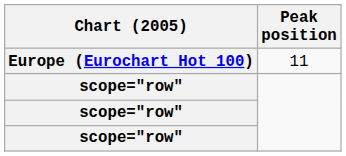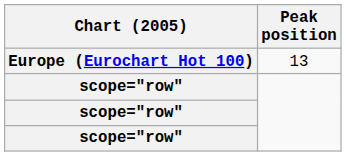 <table class="wikitable sortable plainrowheaders" style="text-align:center">
 <tr>
 <th scope="col">Chart (2005)</th>
 <th scope="col">Peak<br>position</th>
 </tr>
 <tr>
 <th scope="row">Europe (<a href='#'>Eurochart Hot 100</a>)</th>
-<td>11</td>
+<td>13</td>
 </tr>
 <tr>
 <th>scope="row"</th>
 </tr>
 <tr>
 <th>scope="row"</th>
 </tr>
 <tr>
 <th>scope="row"</th>
 </tr>
 </table>
